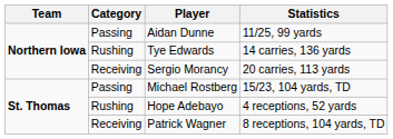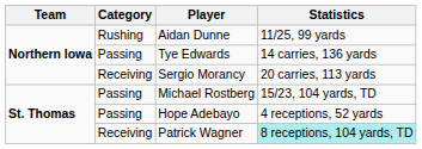 <table class="wikitable" style="float: right;">
 <tr>
 <th>Team</th>
 <th>Category</th>
 <th>Player</th>
 <th>Statistics</th>
 </tr>
 <tr>
 <td rowspan=3><strong>Northern Iowa</strong></td>
-<td>Passing</td>
+<td>Rushing</td>
 <td>Aidan Dunne</td>
 <td>11/25, 99 yards</td>
 </tr>
 <tr>
-<td>Rushing</td>
+<td>Passing</td>
 <td>Tye Edwards</td>
 <td>14 carries, 136 yards</td>
 </tr>
 <tr>
 <td>Receiving</td>
 <td>Sergio Morancy</td>
 <td>20 carries, 113 yards</td>
 </tr>
 <tr>
 <td rowspan=3><strong>St. Thomas</strong></td>
 <td>Passing</td>
 <td>Michael Rostberg</td>
 <td>15/23, 104 yards, TD</td>
 </tr>
 <tr>
-<td>Rushing</td>
+<td>Passing</td>
 <td>Hope Adebayo</td>
 <td>4 receptions, 52 yards</td>
 </tr>
 <tr>
 <td>Receiving</td>
 <td>Patrick Wagner</td>
-<td>8 receptions, 104 yards, TD</td>
+<td style="background: paleturquoise;">8 receptions, 104 yards, TD</td>
 </tr>
 </table>
